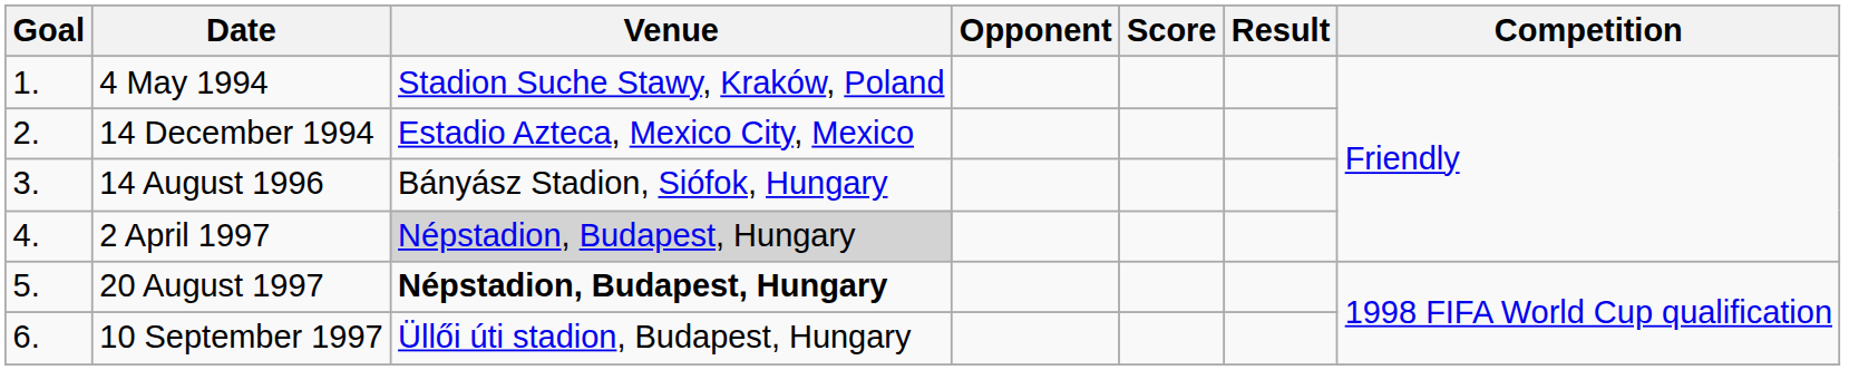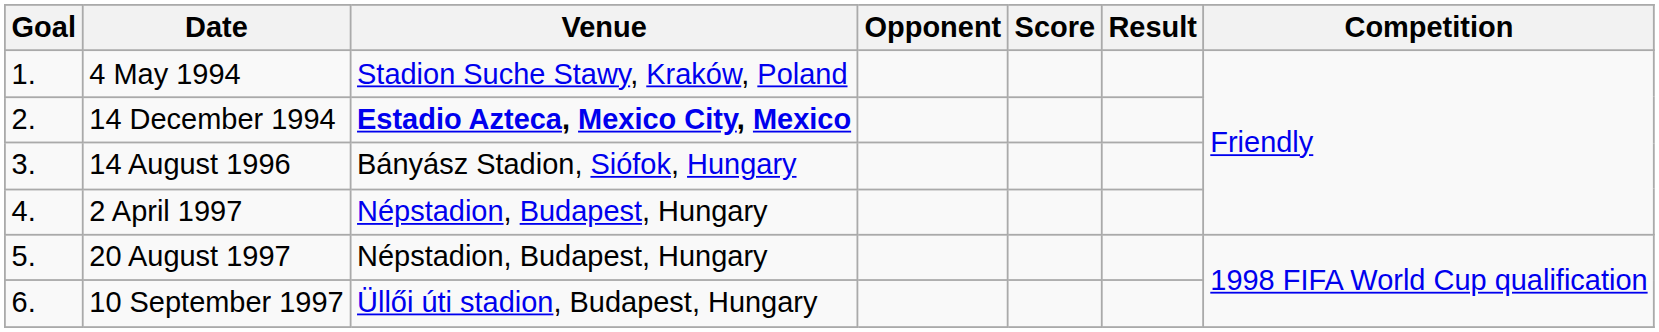 <table class="wikitable">
 <tr>
 <th>Goal</th>
 <th>Date</th>
 <th>Venue</th>
 <th>Opponent</th>
 <th>Score</th>
 <th>Result</th>
 <th>Competition</th>
 </tr>
 <tr>
 <td>1.</td>
 <td>4 May 1994</td>
 <td><a href='#'>Stadion Suche Stawy</a>, <a href='#'>Kraków</a>, <a href='#'>Poland</a></td>
 <td></td>
 <td></td>
 <td></td>
 <td rowspan=4><a href='#'>Friendly</a></td>
 </tr>
 <tr>
 <td>2.</td>
 <td>14 December 1994</td>
-<td><a href='#'>Estadio Azteca</a>, <a href='#'>Mexico City</a>, <a href='#'>Mexico</a></td>
+<td><strong><a href='#'>Estadio Azteca</a>, <a href='#'>Mexico City</a>, <a href='#'>Mexico</a></strong></td>
 <td></td>
 <td></td>
 <td></td>
 </tr>
 <tr>
 <td>3.</td>
 <td>14 August 1996</td>
 <td>Bányász Stadion, <a href='#'>Siófok</a>, <a href='#'>Hungary</a></td>
 <td></td>
 <td></td>
 <td></td>
 </tr>
 <tr>
 <td>4.</td>
 <td>2 April 1997</td>
-<td style="background: lightgrey;"><a href='#'>Népstadion</a>, <a href='#'>Budapest</a>, Hungary</td>
+<td><a href='#'>Népstadion</a>, <a href='#'>Budapest</a>, Hungary</td>
 <td></td>
 <td></td>
 <td></td>
 </tr>
 <tr>
 <td>5.</td>
 <td>20 August 1997</td>
-<td><strong>Népstadion, Budapest, Hungary</strong></td>
+<td>Népstadion, Budapest, Hungary</td>
 <td></td>
 <td></td>
 <td></td>
 <td rowspan=2><a href='#'>1998 FIFA World Cup qualification</a></td>
 </tr>
 <tr>
 <td>6.</td>
 <td>10 September 1997</td>
 <td><a href='#'>Üllői úti stadion</a>, Budapest, Hungary</td>
 <td></td>
 <td></td>
 <td></td>
 </tr>
 </table>
